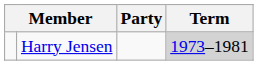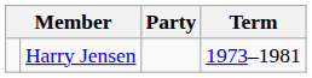 <table class="wikitable">
 <tr>
 <th colspan="2">Member</th>
 <th>Party</th>
 <th>Term</th>
 </tr>
 <tr>
 <td> </td>
 <td><a href='#'>Harry Jensen</a></td>
 <td></td>
-<td style="background: lightgrey;"><a href='#'>1973</a>–1981</td>
+<td><a href='#'>1973</a>–1981</td>
 </tr>
 </table>
